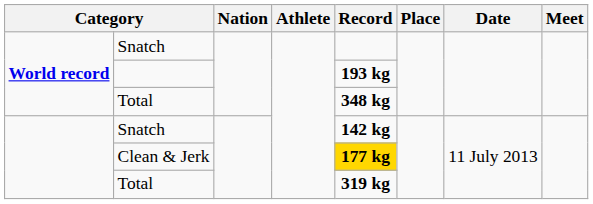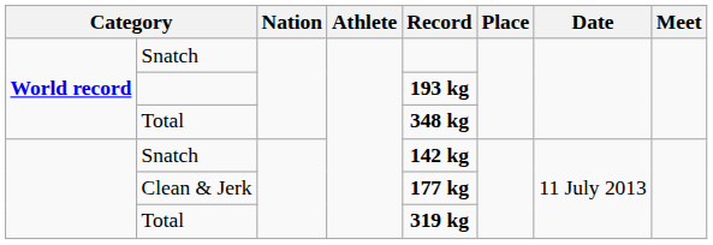 <table class="wikitable" style="text-align:center;">
 <tr>
 <th colspan="2">Category</th>
 <th>Nation</th>
 <th>Athlete</th>
 <th>Record</th>
 <th>Place</th>
 <th>Date</th>
 <th>Meet</th>
 </tr>
 <tr>
 <td rowspan="3"><strong><a href='#'>World record</a></strong></td>
 <td align="left">Snatch</td>
 <td align="left" rowspan="3"></td>
 <td align="left" rowspan="6"></td>
 <td><strong></strong></td>
 <td align="left" rowspan="3"></td>
 <td align="left" rowspan="3"></td>
 <td align="left" rowspan="3"></td>
 </tr>
 <tr>
 <td align="left"></td>
 <td><strong>193 kg</strong></td>
 </tr>
 <tr>
 <td align="left">Total</td>
 <td><strong>348 kg</strong></td>
 </tr>
 <tr>
 <td rowspan="3"><strong></strong></td>
 <td align="left">Snatch</td>
 <td align="left" rowspan="3"></td>
 <td><strong>142 kg</strong></td>
 <td align="left" rowspan="3"></td>
 <td align="left" rowspan="3">11 July 2013</td>
 <td align="left" rowspan="3"></td>
 </tr>
 <tr>
 <td align="left">Clean & Jerk</td>
-<td style="background: gold;"><strong>177 kg</strong></td>
+<td><strong>177 kg</strong></td>
 </tr>
 <tr>
 <td align="left">Total</td>
 <td><strong>319 kg</strong></td>
 </tr>
 </table>
